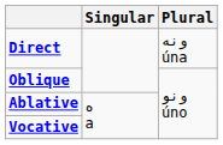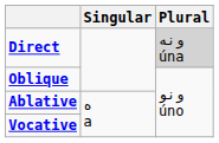 <table class="wikitable">
 <tr>
 <th></th>
 <th><strong>Singular</strong></th>
 <th><strong>Plural</strong></th>
 </tr>
 <tr>
 <td><strong><a href='#'>Direct</a></strong></td>
 <td rowspan="2"></td>
-<td>ونه <br>úna</td>
+<td style="background: lightgrey;">ونه <br>úna</td>
 </tr>
 <tr>
 <td><strong><a href='#'>Oblique</a></strong></td>
 <td rowspan="3">ونو <br>úno</td>
 </tr>
 <tr>
 <td><strong><a href='#'>Ablative</a></strong></td>
 <td rowspan="2">ه<br>a</td>
 </tr>
 <tr>
 <td><strong><a href='#'>Vocative</a></strong></td>
 </tr>
 </table>
